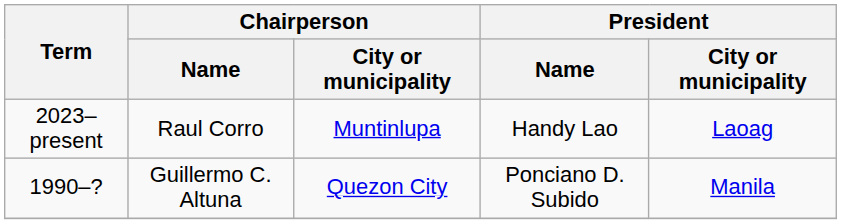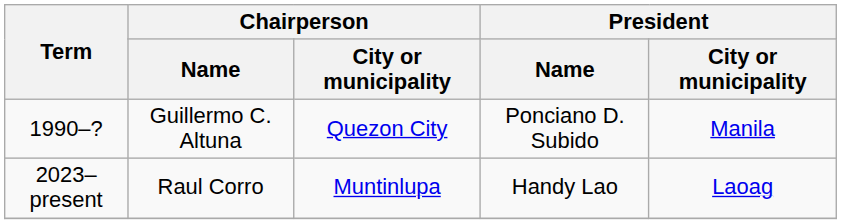 <table class="wikitable" style="text-align:center">
 <tr>
 <th rowspan="2" class="unsortable">Term</th>
 <th colspan="2">Chairperson</th>
 <th colspan="2">President</th>
 </tr>
 <tr>
 <th>Name</th>
 <th>City or municipality</th>
 <th>Name</th>
 <th>City or municipality</th>
 </tr>
 <tr>
+<td>1990–?</td>
+<td>Guillermo C. Altuna</td>
+<td><a href='#'>Quezon City</a></td>
+<td>Ponciano D. Subido</td>
+<td><a href='#'>Manila</a></td>
+</tr>
+<tr>
 <td>2023–present</td>
 <td>Raul Corro</td>
 <td><a href='#'>Muntinlupa</a></td>
 <td>Handy Lao</td>
 <td><a href='#'>Laoag</a></td>
 </tr>
 <tr>
-<td>1990–?</td>
-<td>Guillermo C. Altuna</td>
-<td><a href='#'>Quezon City</a></td>
-<td>Ponciano D. Subido</td>
-<td><a href='#'>Manila</a></td>
-</tr>
-<tr>
 </tr>
 </table>
